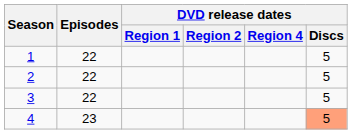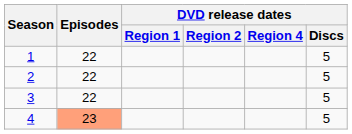 <table class="wikitable plainrowheaders" style="text-align: center;">
 <tr>
 <th scope="col" rowspan="2">Season</th>
 <th scope="col" rowspan="2">Episodes</th>
 <th scope="col" colspan="4"><a href='#'>DVD</a> release dates</th>
 </tr>
 <tr>
 <th scope="col"><a href='#'>Region 1</a></th>
 <th scope="col"><a href='#'>Region 2</a></th>
 <th scope="col"><a href='#'>Region 4</a></th>
 <th scope="col">Discs</th>
 </tr>
 <tr>
 <td scope="row"><a href='#'>1</a></td>
 <td>22</td>
 <td></td>
 <td></td>
 <td></td>
 <td>5</td>
 </tr>
 <tr>
 <td scope="row"><a href='#'>2</a></td>
 <td>22</td>
 <td></td>
 <td></td>
 <td></td>
 <td>5</td>
 </tr>
 <tr>
 <td scope="row"><a href='#'>3</a></td>
 <td>22</td>
 <td></td>
 <td></td>
 <td></td>
 <td>5</td>
 </tr>
 <tr>
 <td scope="row"><a href='#'>4</a></td>
-<td>23</td>
+<td style="background: lightsalmon;">23</td>
 <td></td>
 <td></td>
 <td></td>
-<td style="background: lightsalmon;">5</td>
+<td>5</td>
 </tr>
 </table>
